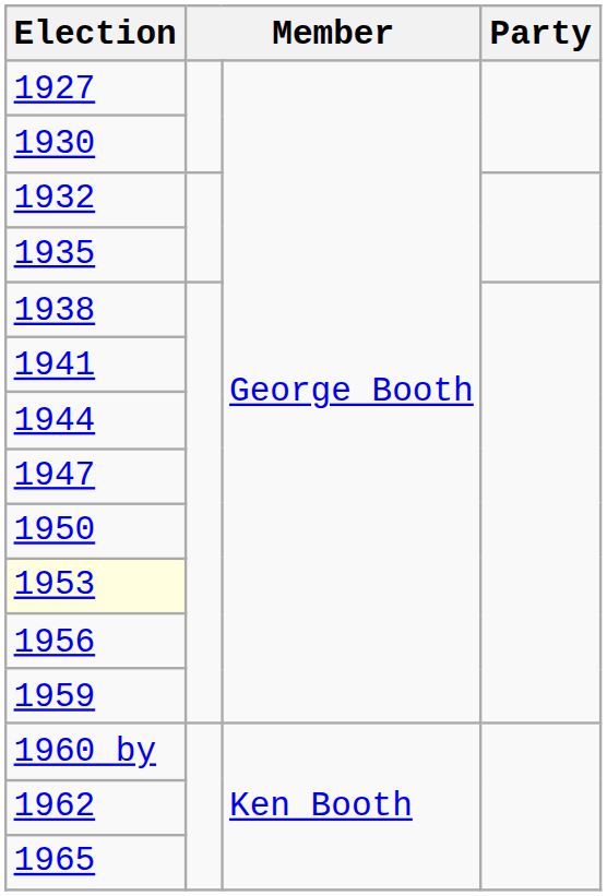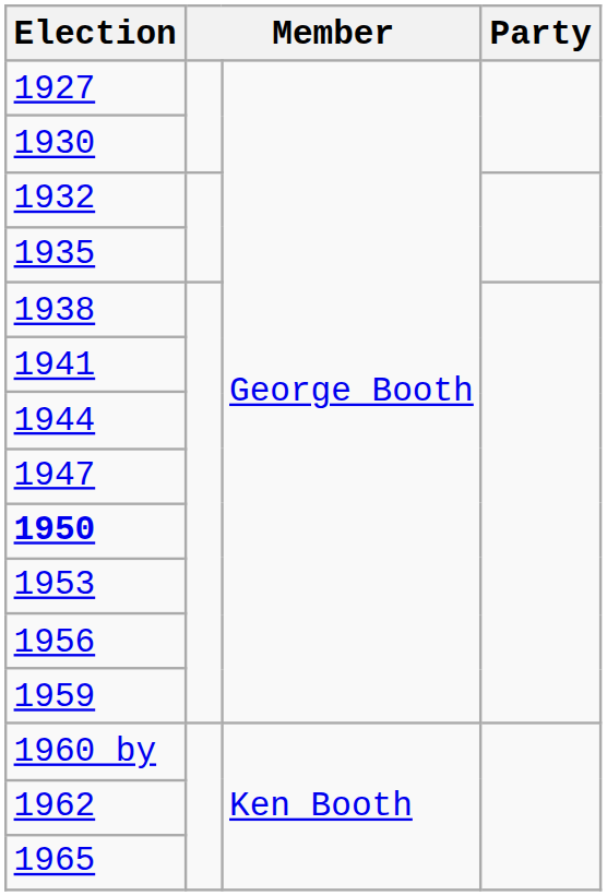 <table class="wikitable">
 <tr>
 <th>Election</th>
 <th colspan="2">Member</th>
 <th>Party</th>
 </tr>
 <tr>
 <td><a href='#'>1927</a></td>
 <td rowspan="2"> </td>
 <td rowspan="12"><a href='#'>George Booth</a></td>
 <td rowspan="2"></td>
 </tr>
 <tr>
 <td><a href='#'>1930</a></td>
 </tr>
 <tr>
 <td><a href='#'>1932</a></td>
 <td rowspan="2"> </td>
 <td rowspan="2"></td>
 </tr>
 <tr>
 <td><a href='#'>1935</a></td>
 </tr>
 <tr>
 <td><a href='#'>1938</a></td>
 <td rowspan="8"> </td>
 <td rowspan="8"></td>
 </tr>
 <tr>
 <td><a href='#'>1941</a></td>
 </tr>
 <tr>
 <td><a href='#'>1944</a></td>
 </tr>
 <tr>
 <td><a href='#'>1947</a></td>
 </tr>
 <tr>
-<td><a href='#'>1950</a></td>
+<td><strong><a href='#'>1950</a></strong></td>
 </tr>
 <tr>
-<td style="background: lightyellow;"><a href='#'>1953</a></td>
+<td><a href='#'>1953</a></td>
 </tr>
 <tr>
 <td><a href='#'>1956</a></td>
 </tr>
 <tr>
 <td><a href='#'>1959</a></td>
 </tr>
 <tr>
 <td><a href='#'>1960 by</a></td>
 <td rowspan="3"> </td>
 <td rowspan="3"><a href='#'>Ken Booth</a></td>
 <td rowspan="3"></td>
 </tr>
 <tr>
 <td><a href='#'>1962</a></td>
 </tr>
 <tr>
 <td><a href='#'>1965</a></td>
 </tr>
 </table>
